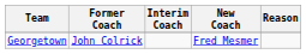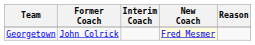 <table class="wikitable" style="text-align:center;">
 <tr>
 <th>Team</th>
 <th>Former<br>Coach</th>
 <th>Interim<br>Coach</th>
 <th>New<br>Coach</th>
 <th>Reason</th>
 </tr>
 <tr>
 </tr>
 <tr>
 <td><a href='#'>Georgetown</a></td>
 <td><a href='#'>John Colrick</a></td>
 <td></td>
-<td><a href='#'>Fred Mesmer</a></td>
+<td style="background: lightyellow;"><a href='#'>Fred Mesmer</a></td>
 <td></td>
 </tr>
 </table>
